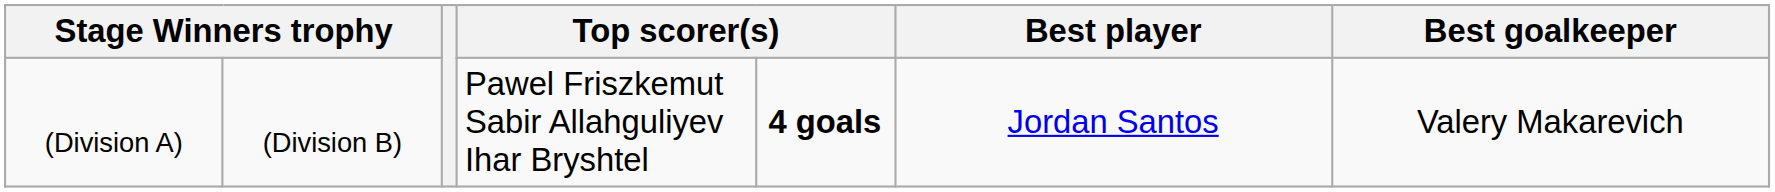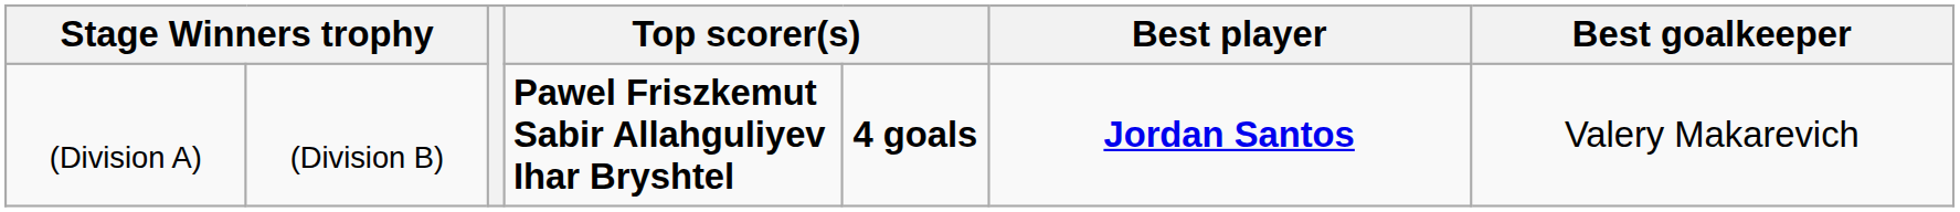 <table class="wikitable" style="text-align: center; font-size: 97%;">
 <tr>
 <th colspan=2 width=200>Stage Winners trophy</th>
 <th rowspan=2></th>
 <th colspan=2 width=200>Top scorer(s)</th>
 <th width=200>Best player</th>
 <th width=200>Best goalkeeper</th>
 </tr>
 <tr align=center style="background:">
 <td style="text-align:center;"><br><small>(Division A)</small></td>
 <td><br><small>(Division B)</small></td>
-<td style="text-align:left;"> Pawel Friszkemut<br> Sabir Allahguliyev<br> Ihar Bryshtel</td>
+<td style="text-align:left;"><strong> Pawel Friszkemut<br> Sabir Allahguliyev<br> Ihar Bryshtel</strong></td>
 <td><strong>4 goals</strong></td>
-<td> <a href='#'>Jordan Santos</a></td>
+<td><strong> <a href='#'>Jordan Santos</a></strong></td>
 <td> Valery Makarevich</td>
 </tr>
 </table>
